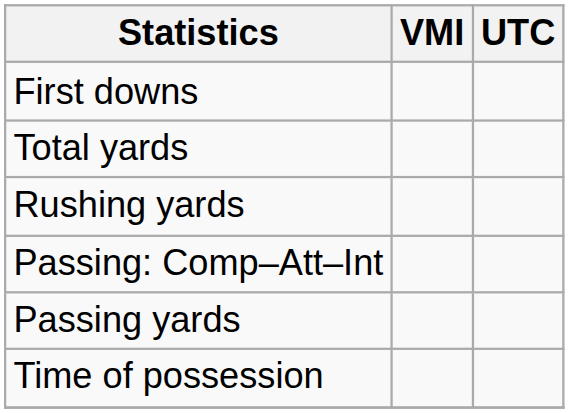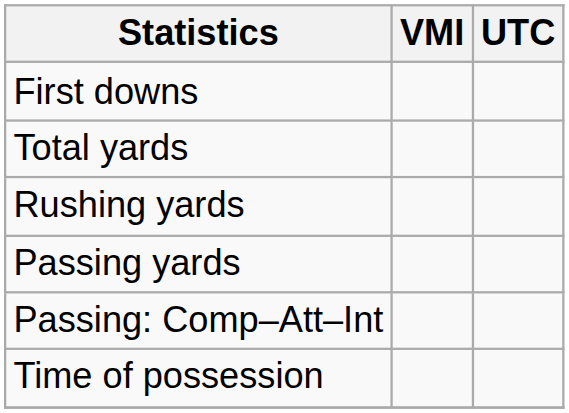 <table class="wikitable" style="float: left;">
 <tr>
 <th>Statistics</th>
 <th>VMI</th>
 <th>UTC</th>
 </tr>
 <tr>
 <td>First downs</td>
 <td></td>
 <td></td>
 </tr>
 <tr>
 <td>Total yards</td>
 <td></td>
 <td></td>
 </tr>
 <tr>
 <td>Rushing yards</td>
 <td></td>
 <td></td>
 </tr>
 <tr>
-<td>Passing: Comp–Att–Int</td>
+<td>Passing yards</td>
 <td></td>
 <td></td>
 </tr>
 <tr>
-<td>Passing yards</td>
+<td>Passing: Comp–Att–Int</td>
 <td></td>
 <td></td>
 </tr>
 <tr>
 <td>Time of possession</td>
 <td></td>
 <td></td>
 </tr>
 <tr>
 </tr>
 </table>
